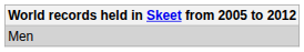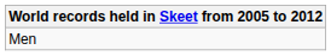 <table class="wikitable" style="font-size: 95%;">
 <tr>
 <th colspan="7">World records held in <a href='#'>Skeet</a> from 2005 to 2012</th>
 </tr>
 <tr>
-<td style="background: lightgrey;">Men<br></td>
+<td>Men<br></td>
 </tr>
 </table>
